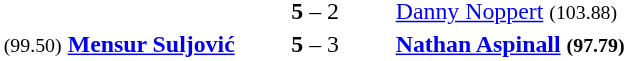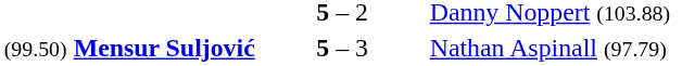 <table style="text-align:center">
 <tr>
 <th width=223></th>
 <th width=100></th>
 <th width=223></th>
 </tr>
 <tr>
 <td align=right></td>
 <td><strong>5</strong> – 2</td>
 <td align=left> <a href='#'>Danny Noppert</a> <small><span>(103.88)</span></small></td>
 </tr>
 <tr>
 <td align=right><small><span>(99.50)</span></small><small></small> <strong><a href='#'>Mensur Suljović</a></strong> </td>
 <td><strong>5</strong> – 3</td>
-<td align=left><strong> <a href='#'>Nathan Aspinall</a> <small><span>(97.79)</span></small></strong></td>
+<td align=left> <a href='#'>Nathan Aspinall</a> <small><span>(97.79)</span></small></td>
 </tr>
 </table>
